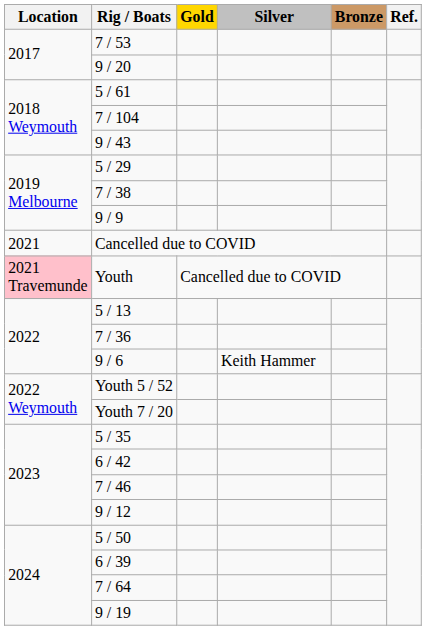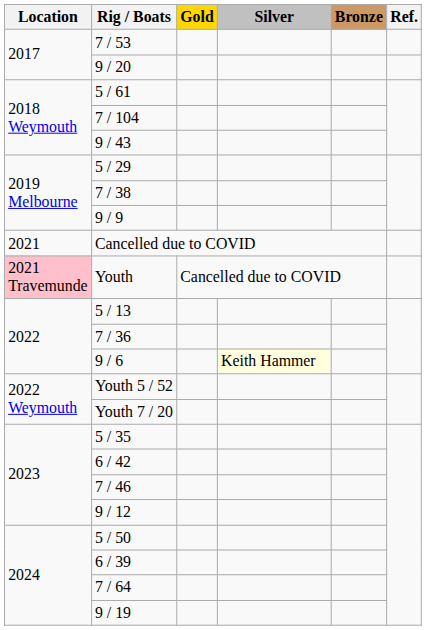 <table class="wikitable sortable">
 <tr>
 <th>Location</th>
 <th>Rig / Boats</th>
 <th style="background:gold; text-align:center;"><strong>Gold</strong></th>
 <th style="background:silver; text-align:center;"><strong>Silver</strong></th>
 <th style="background:#c96; text-align:center;"><strong>Bronze</strong></th>
 <th>Ref.</th>
 </tr>
 <tr>
 <td rowspan=2>2017 </td>
 <td>7 / 53</td>
 <td></td>
 <td></td>
 <td></td>
 <td></td>
 </tr>
 <tr>
 <td>9 / 20</td>
 <td></td>
 <td></td>
 <td></td>
 </tr>
 <tr>
 <td rowspan=3>2018 <br> <a href='#'>Weymouth</a> <br> </td>
 <td>5 / 61</td>
 <td></td>
 <td></td>
 <td></td>
 <td rowspan=3></td>
 </tr>
 <tr>
 <td>7 / 104</td>
 <td></td>
 <td></td>
 <td></td>
 </tr>
 <tr>
 <td>9 / 43</td>
 <td></td>
 <td></td>
 <td></td>
 </tr>
 <tr>
 <td rowspan=3>2019 <br> <a href='#'>Melbourne</a> <br> </td>
 <td>5 / 29</td>
 <td></td>
 <td></td>
 <td></td>
 <td rowspan=3></td>
 </tr>
 <tr>
 <td>7 / 38</td>
 <td></td>
 <td></td>
 <td></td>
 </tr>
 <tr>
 <td>9 / 9</td>
 <td></td>
 <td></td>
 <td></td>
 </tr>
 <tr>
 <td>2021 <br> </td>
 <td colspan=4>Cancelled due to COVID</td>
 <td></td>
 </tr>
 <tr>
 <td style="background: pink;">2021 <br> Travemunde <br> </td>
 <td>Youth</td>
 <td colspan=3>Cancelled due to COVID</td>
 <td></td>
 </tr>
 <tr>
 <td rowspan=3>2022<br></td>
 <td>5 / 13</td>
 <td></td>
 <td></td>
 <td></td>
 <td rowspan=3></td>
 </tr>
 <tr>
 <td>7 / 36</td>
 <td></td>
 <td></td>
 <td></td>
 </tr>
 <tr>
 <td>9 / 6</td>
 <td></td>
-<td>Keith Hammer   </td>
+<td style="background: lightyellow;">Keith Hammer   </td>
 <td></td>
 </tr>
 <tr>
 <td rowspan=2>2022<br> <a href='#'>Weymouth</a><br></td>
 <td>Youth 5 / 52</td>
 <td></td>
 <td></td>
 <td></td>
 <td rowspan=2></td>
 </tr>
 <tr>
 <td>Youth 7 / 20</td>
 <td></td>
 <td></td>
 <td></td>
 </tr>
 <tr>
 <td rowspan=4>2023</td>
 <td>5 / 35</td>
 <td></td>
 <td></td>
 <td></td>
 </tr>
 <tr>
 <td>6 / 42</td>
 <td></td>
 <td></td>
 <td></td>
 </tr>
 <tr>
 <td>7 / 46</td>
 <td></td>
 <td></td>
 <td></td>
 </tr>
 <tr>
 <td>9 / 12</td>
 <td></td>
 <td></td>
 <td></td>
 </tr>
 <tr>
 <td rowspan=4>2024</td>
 <td>5 / 50</td>
 <td></td>
 <td></td>
 <td></td>
 </tr>
 <tr>
 <td>6 / 39</td>
 <td></td>
 <td></td>
 <td></td>
 </tr>
 <tr>
 <td>7 / 64</td>
 <td></td>
 <td></td>
 <td></td>
 </tr>
 <tr>
 <td>9 / 19</td>
 <td></td>
 <td></td>
 <td></td>
 </tr>
 </table>
